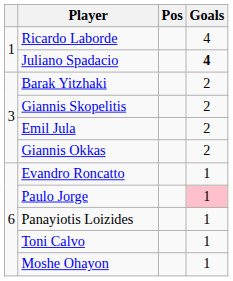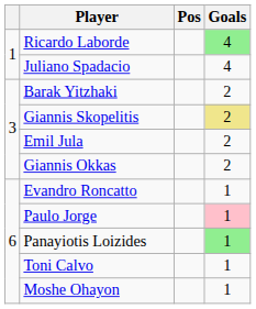 <table class="wikitable">
 <tr>
 <th></th>
 <th style="width:150px;">Player</th>
 <th>Pos</th>
 <th>Goals</th>
 </tr>
 <tr>
 <td style="text-align:center;" rowspan="2">1</td>
 <td> <a href='#'>Ricardo Laborde</a></td>
 <td align=center></td>
-<td align=center>4</td>
+<td align=center style="background: lightgreen;">4</td>
 </tr>
 <tr>
 <td> <a href='#'>Juliano Spadacio</a></td>
 <td align=center></td>
-<td align=center><strong>4</strong></td>
+<td align=center>4</td>
 </tr>
 <tr>
 <td style="text-align:center;" rowspan="4">3</td>
 <td> <a href='#'>Barak Yitzhaki</a></td>
 <td align=center></td>
 <td align=center>2</td>
 </tr>
 <tr>
 <td> <a href='#'>Giannis Skopelitis</a></td>
 <td align=center></td>
-<td align=center>2</td>
+<td align=center style="background: khaki;">2</td>
 </tr>
 <tr>
 <td> <a href='#'>Emil Jula</a></td>
 <td align=center></td>
 <td align=center>2</td>
 </tr>
 <tr>
 <td> <a href='#'>Giannis Okkas</a></td>
 <td align=center></td>
 <td align=center>2</td>
 </tr>
 <tr>
 <td style="text-align:center;" rowspan="5">6</td>
 <td> <a href='#'>Evandro Roncatto</a></td>
 <td align=center></td>
 <td align=center>1</td>
 </tr>
 <tr>
 <td> <a href='#'>Paulo Jorge</a></td>
 <td align=center></td>
 <td align=center style="background: pink;">1</td>
 </tr>
 <tr>
 <td> Panayiotis Loizides</td>
 <td align=center></td>
-<td align=center>1</td>
+<td align=center style="background: lightgreen;">1</td>
 </tr>
 <tr>
 <td> <a href='#'>Toni Calvo</a></td>
 <td align=center></td>
 <td align=center>1</td>
 </tr>
 <tr>
 <td> <a href='#'>Moshe Ohayon</a></td>
 <td align=center></td>
 <td align=center>1</td>
 </tr>
 </table>
